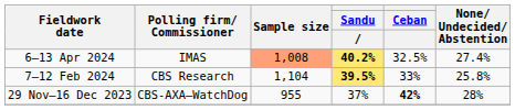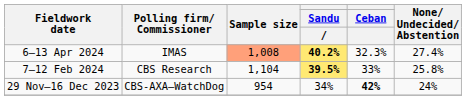 <table class=wikitable style="text-align:center;font-size:95%;line-height:14px;">
 <tr>
 <th rowspan="3">Fieldwork<br>date</th>
 <th rowspan="3">Polling firm/<br>Commissioner</th>
 <th rowspan="3">Sample size</th>
 <th></th>
 <th></th>
 <th rowspan="3">None/<br>Undecided/<br>Abstention</th>
 </tr>
 <tr>
 <th style="width:50px;"><a href='#'>Sandu</a></th>
 <th style="width:50px;"><a href='#'>Ceban</a></th>
 </tr>
 <tr>
 <th><a href='#'></a>/<a href='#'></a></th>
 <th><a href='#'></a></th>
 </tr>
 <tr>
 <td>6–13 Apr 2024</td>
 <td>IMAS</td>
 <td style="background: lightsalmon;">1,008</td>
 <td style="background:#ffe973"><strong>40.2%</strong></td>
-<td>32.5%</td>
+<td>32.3%</td>
 <td>27.4%</td>
 </tr>
 <tr>
 <td>7–12 Feb 2024</td>
 <td>CBS Research</td>
 <td>1,104</td>
 <td style="background:#ffe973"><strong>39.5%</strong></td>
 <td>33%</td>
 <td>25.8%</td>
 </tr>
 <tr>
 <td data-sort-value="2023-12-16">29 Nov–16 Dec 2023</td>
 <td>CBS-AXA–WatchDog</td>
-<td>955</td>
-<td>37%</td>
+<td>954</td>
+<td>34%</td>
 <td style="background:#"><strong>42%</strong></td>
-<td>28%</td>
+<td>24%</td>
 </tr>
 <tr>
 </tr>
 </table>
